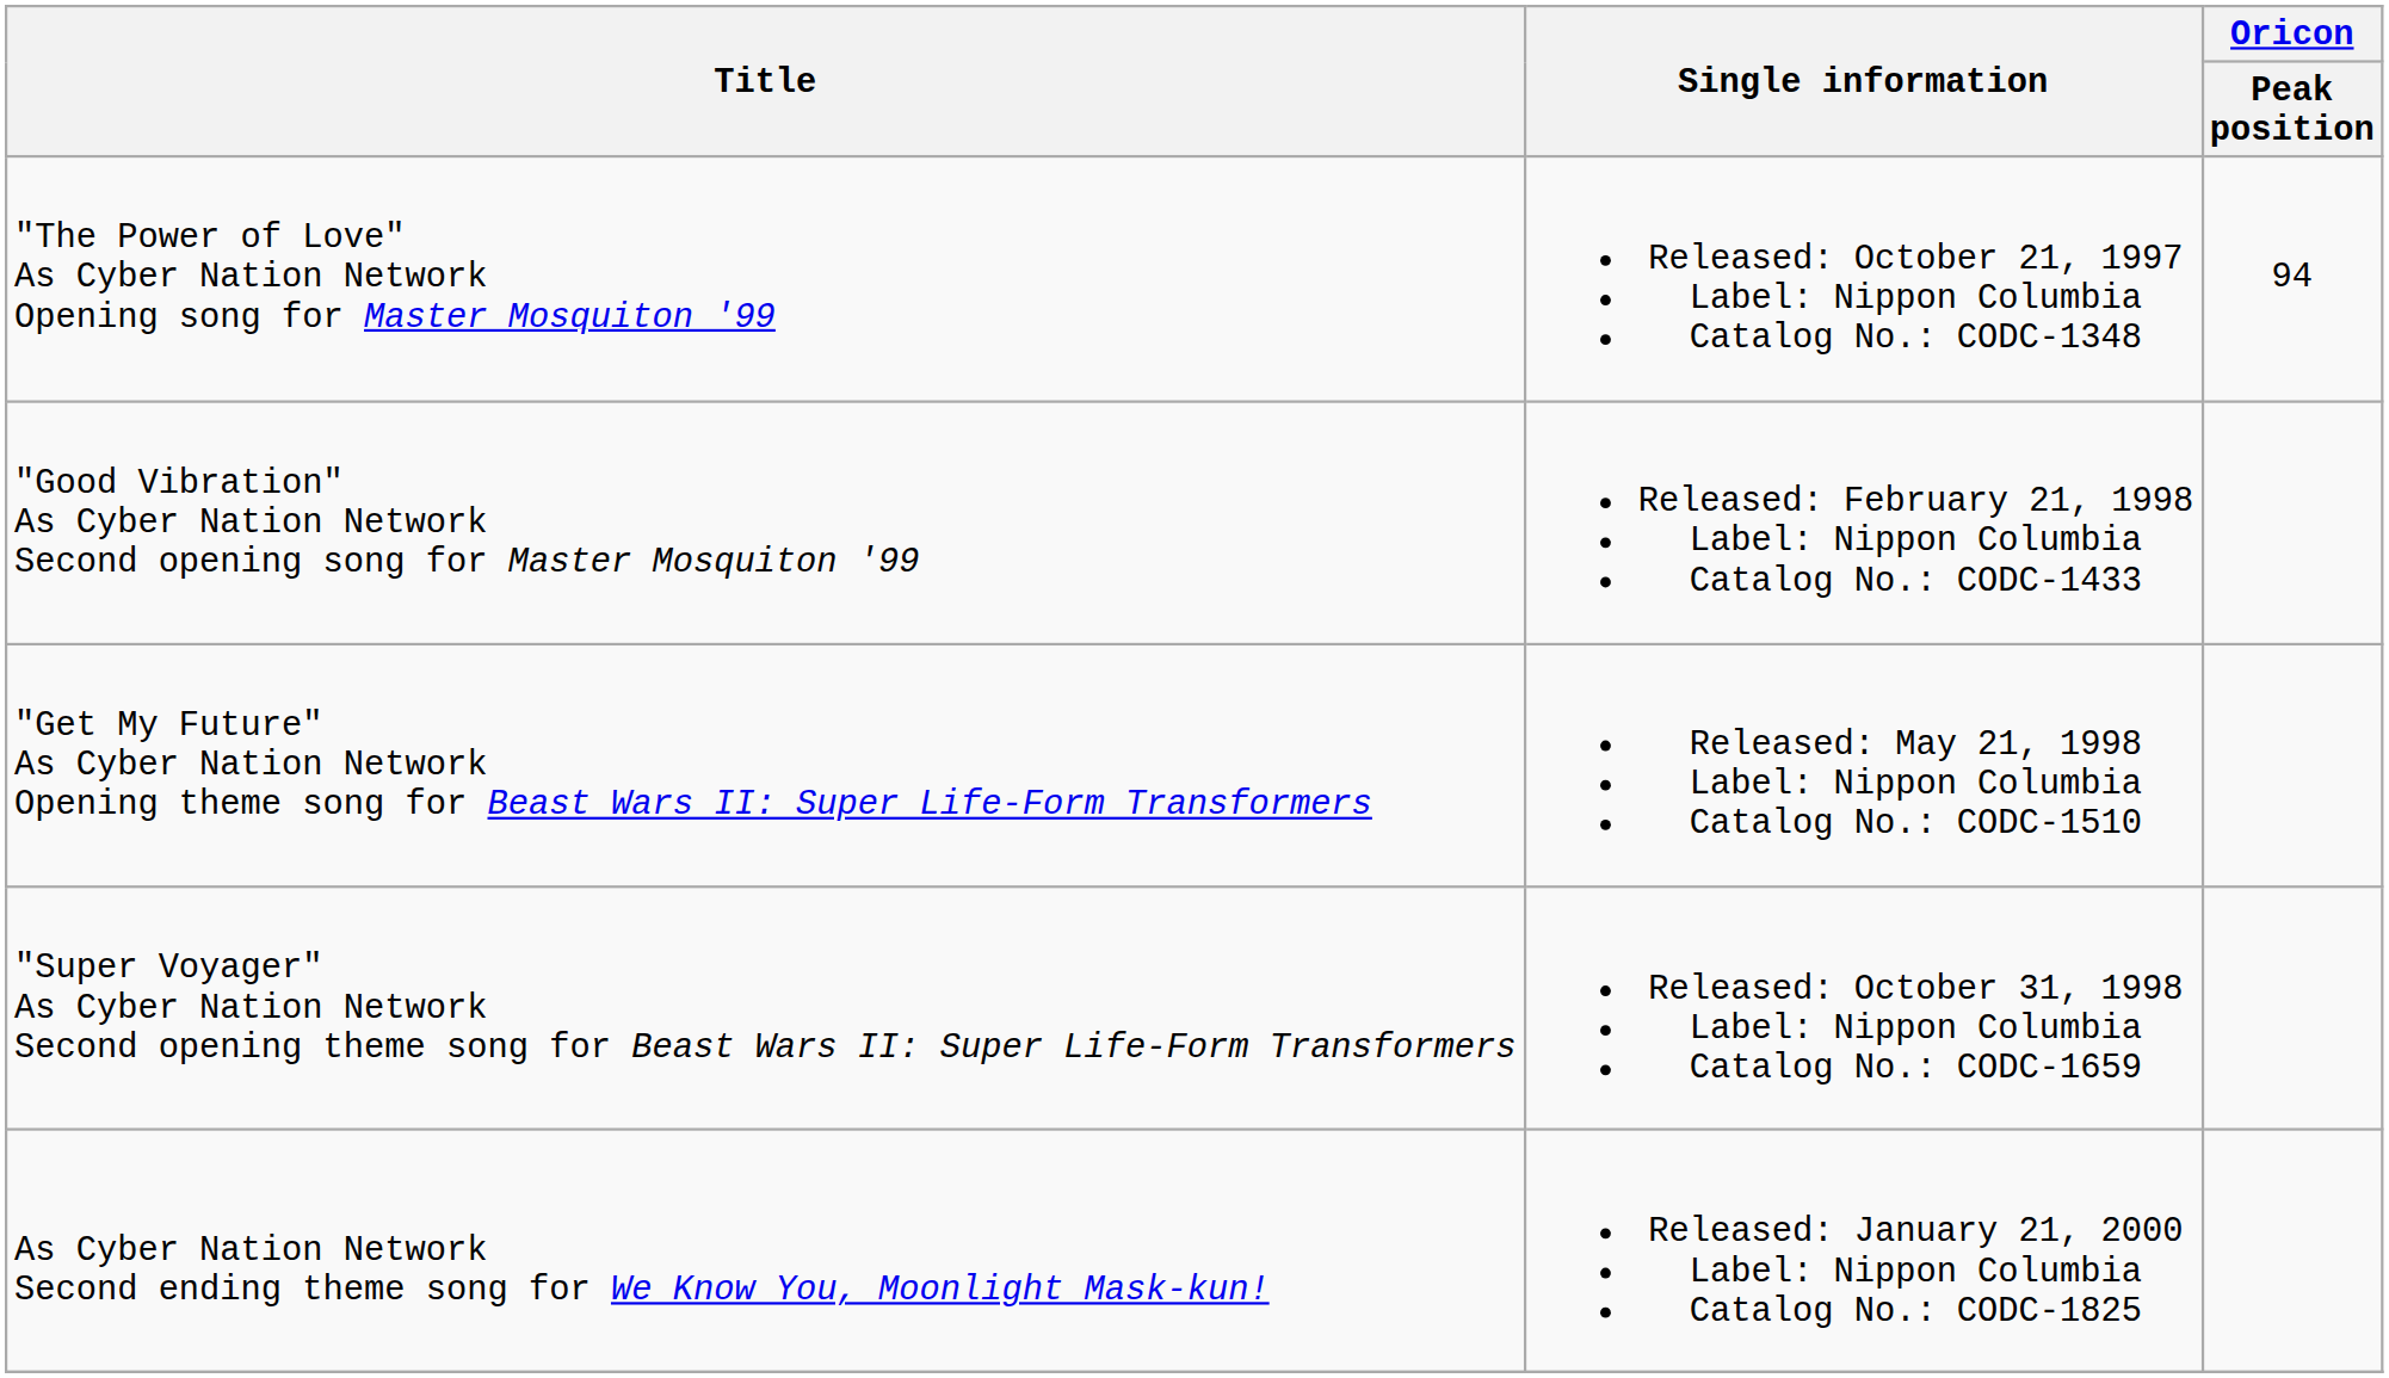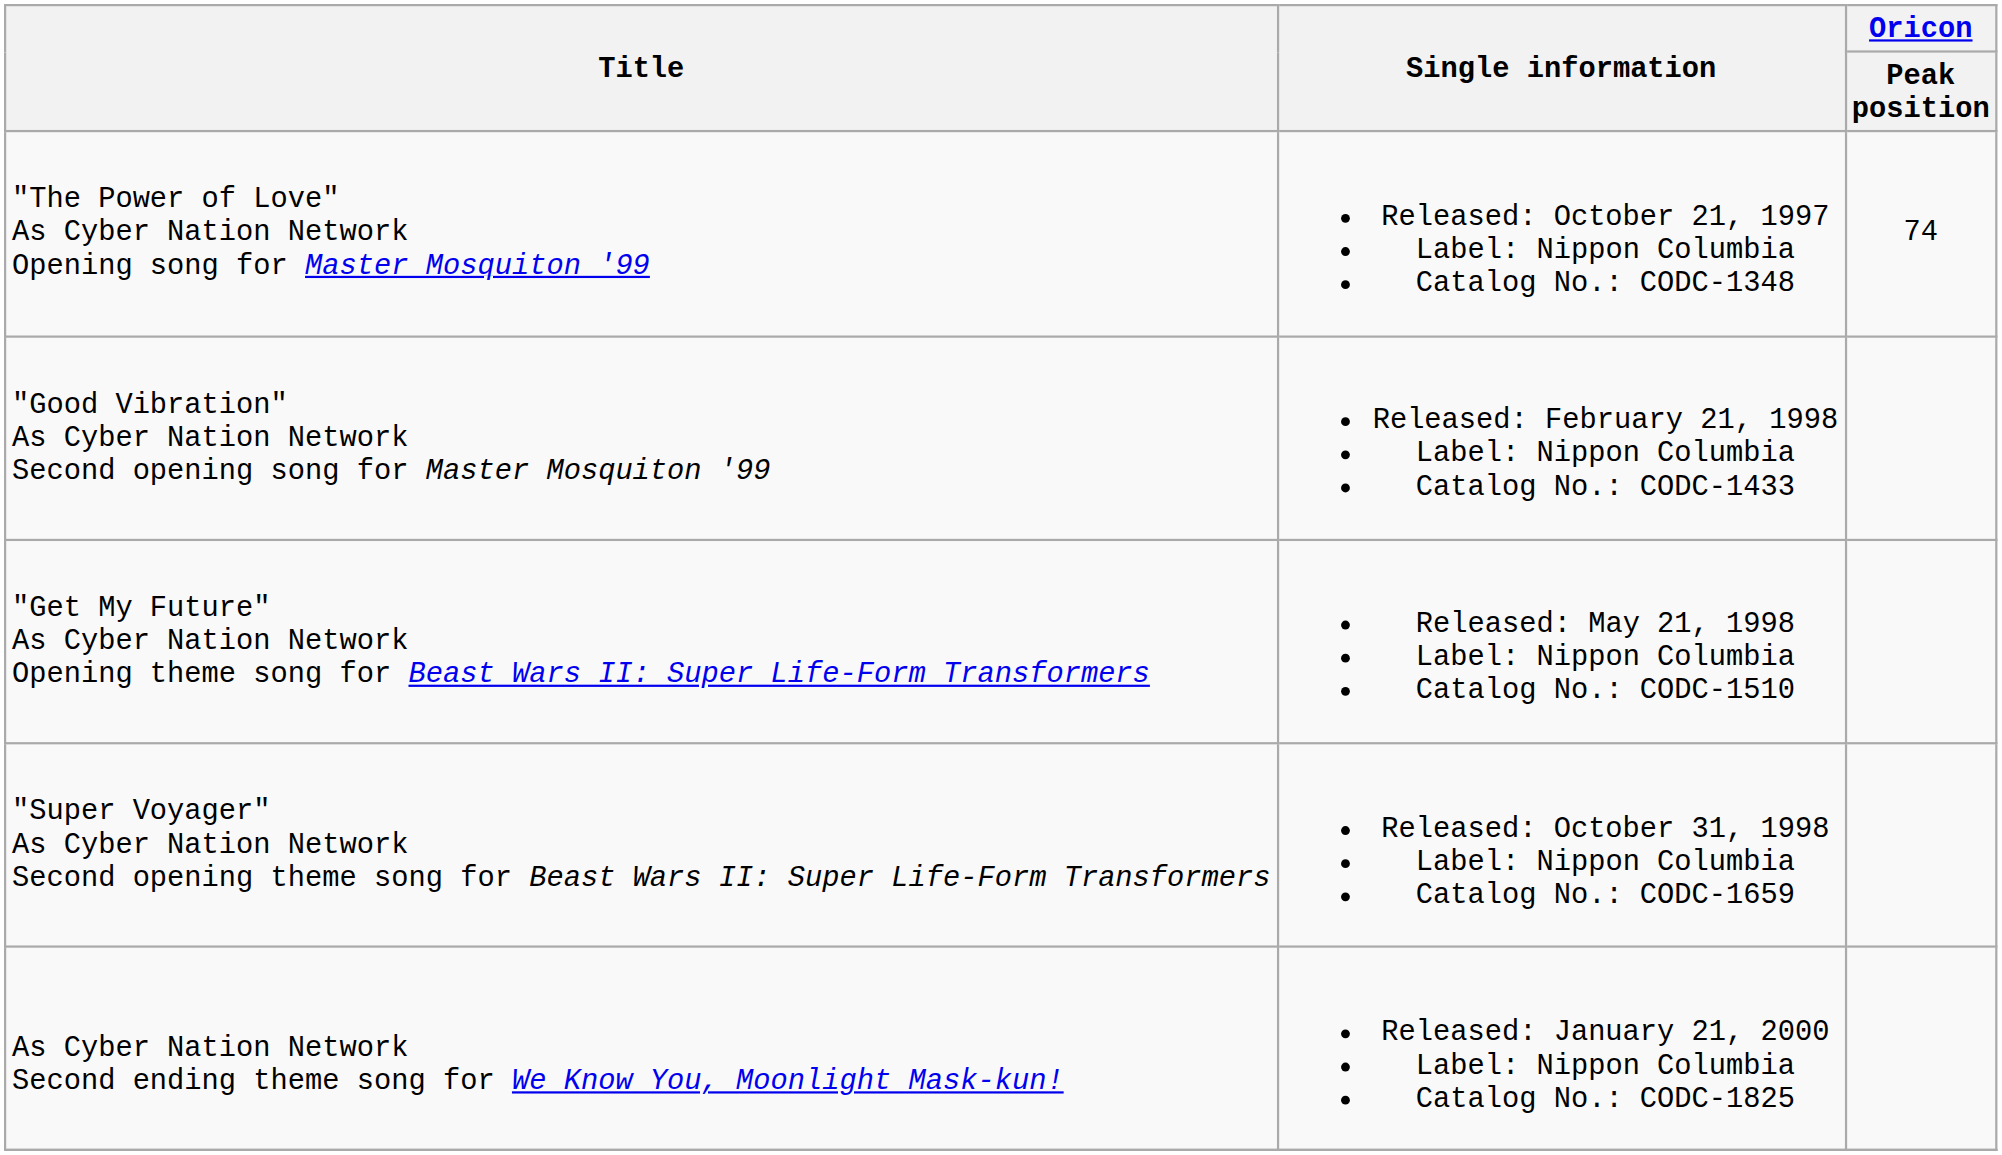 <table class="wikitable plainrowheaders" style="text-align:center">
 <tr>
 <th rowspan=2; style=>Title</th>
 <th rowspan=2;>Single information</th>
 <th colspan=1; style=><a href='#'>Oricon</a></th>
 </tr>
 <tr>
 <th style=>Peak<br>position</th>
 </tr>
 <tr>
 <td align=left>"The Power of Love"<br>As Cyber Nation Network<br>Opening song for <em><a href='#'>Master Mosquiton '99</a></em> </td>
 <td><br><ul><li>Released: October 21, 1997</li><li>Label: Nippon Columbia</li><li>Catalog No.: CODC-1348</li></ul></td>
-<td>94</td>
+<td>74</td>
 </tr>
 <tr>
 <td align=left>"Good Vibration"<br>As Cyber Nation Network<br>Second opening song for <em>Master Mosquiton '99</em> </td>
 <td><br><ul><li>Released: February 21, 1998</li><li>Label: Nippon Columbia</li><li>Catalog No.: CODC-1433</li></ul></td>
 <td></td>
 </tr>
 <tr>
 <td align=left>"Get My Future"<br>As Cyber Nation Network<br>Opening theme song for <em><a href='#'>Beast Wars II: Super Life-Form Transformers</a></em> </td>
 <td><br><ul><li>Released: May 21, 1998</li><li>Label: Nippon Columbia</li><li>Catalog No.: CODC-1510</li></ul></td>
 <td></td>
 </tr>
 <tr>
 <td align=left>"Super Voyager"<br>As Cyber Nation Network<br>Second opening theme song for <em>Beast Wars II: Super Life-Form Transformers</em> </td>
 <td><br><ul><li>Released: October 31, 1998</li><li>Label: Nippon Columbia</li><li>Catalog No.: CODC-1659</li></ul></td>
 <td></td>
 </tr>
 <tr>
 <td align=left><br>As Cyber Nation Network<br>Second ending theme song for <em><a href='#'>We Know You, Moonlight Mask-kun!</a></em> </td>
 <td><br><ul><li>Released: January 21, 2000</li><li>Label: Nippon Columbia</li><li>Catalog No.: CODC-1825</li></ul></td>
 <td></td>
 </tr>
 <tr>
 </tr>
 </table>
